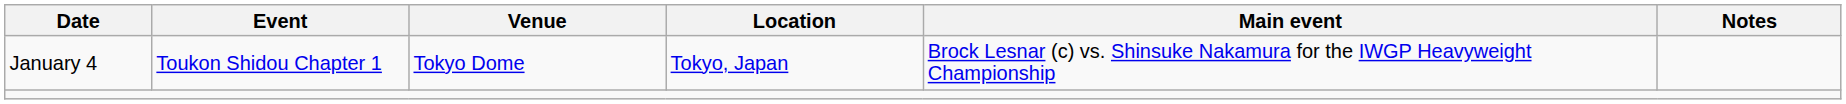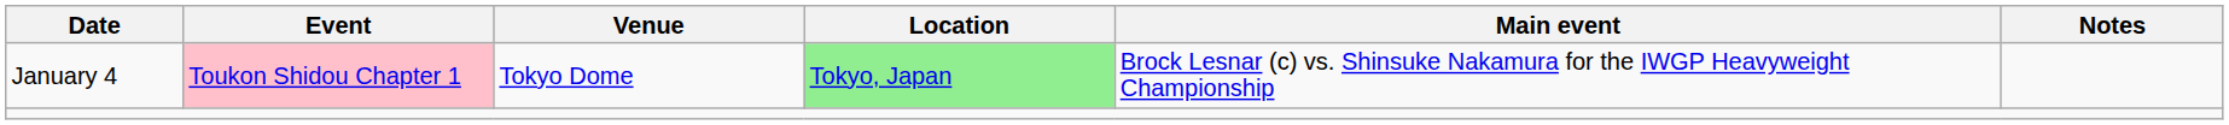 <table class="sortable wikitable succession-box" style="font-size:85%;">
 <tr>
 <th width=8%>Date</th>
 <th width=14%>Event</th>
 <th width=14%>Venue</th>
 <th width=14%>Location</th>
 <th width=40%>Main event</th>
 <th width=14%>Notes</th>
 </tr>
 <tr>
 <td>January 4</td>
-<td><a href='#'>Toukon Shidou Chapter 1</a></td>
+<td style="background: pink;"><a href='#'>Toukon Shidou Chapter 1</a></td>
 <td><a href='#'>Tokyo Dome</a></td>
-<td><a href='#'>Tokyo, Japan</a></td>
+<td style="background: lightgreen;"><a href='#'>Tokyo, Japan</a></td>
 <td><a href='#'>Brock Lesnar</a> (c) vs. <a href='#'>Shinsuke Nakamura</a> for the <a href='#'>IWGP Heavyweight Championship</a></td>
 <td></td>
 </tr>
 <tr>
 <td colspan=6></td>
 </tr>
 </table>
